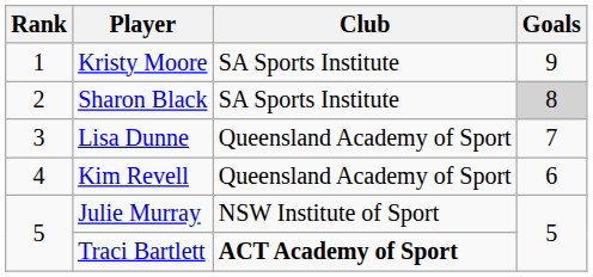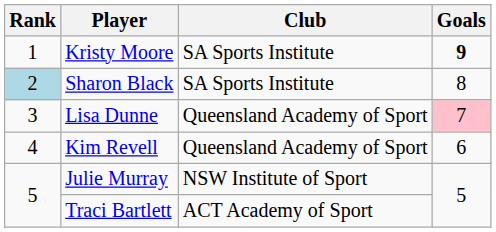 <table class="wikitable" style="text-align:center">
 <tr>
 <th>Rank</th>
 <th>Player</th>
 <th>Club</th>
 <th>Goals</th>
 </tr>
 <tr>
 <td>1</td>
 <td align="left"> <a href='#'>Kristy Moore</a></td>
 <td align="left">SA Sports Institute</td>
-<td>9</td>
+<td><strong>9</strong></td>
 </tr>
 <tr>
-<td>2</td>
+<td style="background: lightblue;">2</td>
 <td align="left"> <a href='#'>Sharon Black</a></td>
 <td align="left">SA Sports Institute</td>
-<td style="background: lightgrey;">8</td>
+<td>8</td>
 </tr>
 <tr>
 <td>3</td>
 <td align="left"> <a href='#'>Lisa Dunne</a></td>
 <td align="left">Queensland Academy of Sport</td>
-<td>7</td>
+<td style="background: pink;">7</td>
 </tr>
 <tr>
 <td>4</td>
 <td align="left"> <a href='#'>Kim Revell</a></td>
 <td align="left">Queensland Academy of Sport</td>
 <td>6</td>
 </tr>
 <tr>
 <td rowspan="2">5</td>
 <td align="left"> <a href='#'>Julie Murray</a></td>
 <td align="left">NSW Institute of Sport</td>
 <td rowspan="2">5</td>
 </tr>
 <tr>
 <td align="left"> <a href='#'>Traci Bartlett</a></td>
-<td align="left"><strong>ACT Academy of Sport</strong></td>
+<td align="left">ACT Academy of Sport</td>
 </tr>
 </table>
